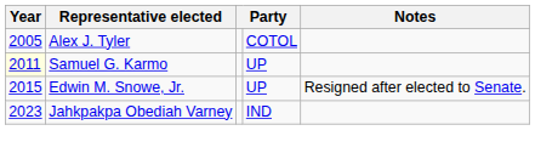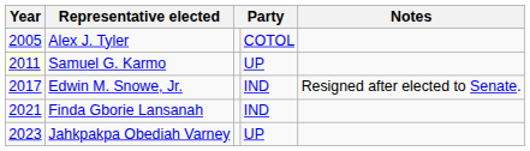 <table class="wikitable">
 <tr>
 <th>Year</th>
 <th>Representative elected</th>
 <th colspan=2>Party</th>
 <th>Notes</th>
 </tr>
 <tr>
 <td><a href='#'>2005</a></td>
 <td><a href='#'>Alex J. Tyler</a></td>
 <td></td>
 <td><a href='#'>COTOL</a></td>
 <td></td>
 </tr>
 <tr>
 <td style="background: lightyellow;"><a href='#'>2011</a></td>
 <td><a href='#'>Samuel G. Karmo</a></td>
 <td></td>
 <td><a href='#'>UP</a></td>
 <td></td>
 </tr>
 <tr>
-<td><a href='#'>2015</a></td>
+<td><a href='#'>2017</a></td>
 <td><a href='#'>Edwin M. Snowe, Jr.</a></td>
 <td></td>
-<td><a href='#'>UP</a></td>
+<td><a href='#'>IND</a></td>
 <td>Resigned after elected to <a href='#'>Senate</a>.</td>
+</tr>
+<tr>
+<td><a href='#'>2021</a></td>
+<td><a href='#'>Finda Gborie Lansanah</a></td>
+<td></td>
+<td><a href='#'>IND</a></td>
+<td></td>
 </tr>
 <tr>
 <td><a href='#'>2023</a></td>
 <td><a href='#'>Jahkpakpa Obediah Varney</a></td>
 <td></td>
-<td><a href='#'>IND</a></td>
+<td><a href='#'>UP</a></td>
 <td></td>
 </tr>
 </table>
